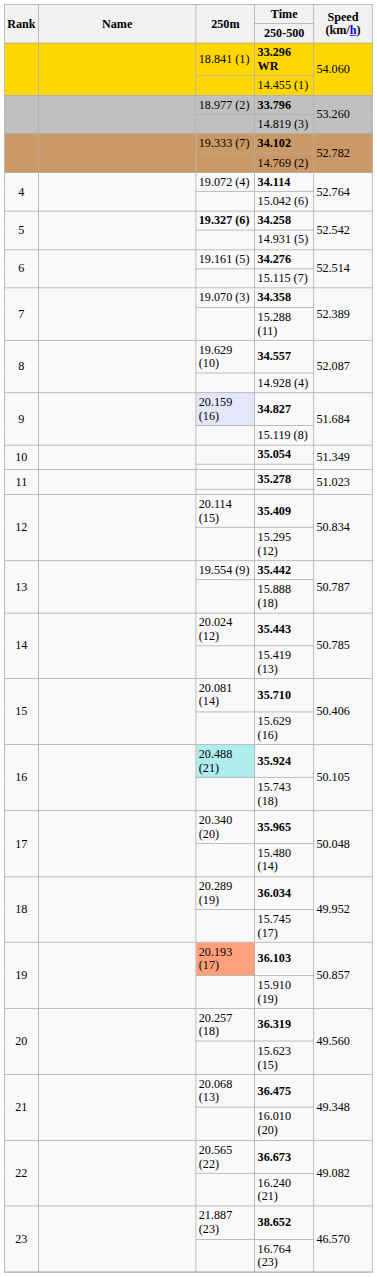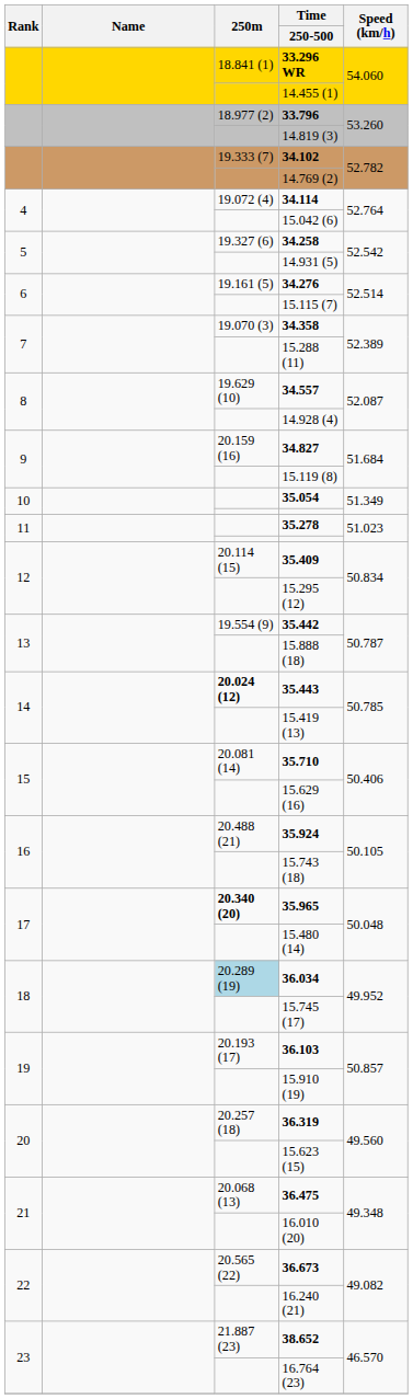 <table class="wikitable">
 <tr>
 <th rowspan=2 width=20>Rank</th>
 <th rowspan=2 width=200>Name</th>
 <th rowspan=2 width=70>250m</th>
 <th width=70>Time</th>
 <th rowspan=2 width=70>Speed<br>(km/<a href='#'>h</a>)</th>
 </tr>
 <tr>
 <th>250-500</th>
 </tr>
 <tr bgcolor=gold>
 <td align=center rowspan=2></td>
 <td rowspan=2></td>
 <td>18.841 (1)</td>
 <td><strong>33.296 WR</strong></td>
 <td rowspan=2>54.060</td>
 </tr>
 <tr bgcolor=gold>
 <td></td>
 <td>14.455 (1)</td>
 </tr>
 <tr bgcolor=silver>
 <td align=center rowspan=2></td>
 <td rowspan=2></td>
 <td>18.977 (2)</td>
 <td><strong>33.796</strong></td>
 <td rowspan=2>53.260</td>
 </tr>
 <tr bgcolor=silver>
 <td></td>
 <td>14.819 (3)</td>
 </tr>
 <tr bgcolor=cc9966>
 <td align=center rowspan=2></td>
 <td rowspan=2></td>
 <td>19.333 (7)</td>
 <td><strong>34.102</strong></td>
 <td rowspan=2>52.782</td>
 </tr>
 <tr bgcolor=cc9966>
 <td></td>
 <td>14.769 (2)</td>
 </tr>
 <tr>
 <td align=center rowspan=2>4</td>
 <td rowspan=2></td>
 <td>19.072 (4)</td>
 <td><strong>34.114</strong></td>
 <td rowspan=2>52.764</td>
 </tr>
 <tr>
 <td></td>
 <td>15.042 (6)</td>
 </tr>
 <tr>
 <td align=center rowspan=2>5</td>
 <td rowspan=2></td>
-<td><strong>19.327 (6)</strong></td>
+<td>19.327 (6)</td>
 <td><strong>34.258</strong></td>
 <td rowspan=2>52.542</td>
 </tr>
 <tr>
 <td></td>
 <td>14.931 (5)</td>
 </tr>
 <tr>
 <td align=center rowspan=2>6</td>
 <td rowspan=2></td>
 <td>19.161 (5)</td>
 <td><strong>34.276</strong></td>
 <td rowspan=2>52.514</td>
 </tr>
 <tr>
 <td></td>
 <td>15.115 (7)</td>
 </tr>
 <tr>
 <td align=center rowspan=2>7</td>
 <td rowspan=2></td>
 <td>19.070 (3)</td>
 <td><strong>34.358</strong></td>
 <td rowspan=2>52.389</td>
 </tr>
 <tr>
 <td></td>
 <td>15.288 (11)</td>
 </tr>
 <tr>
 <td align=center rowspan=2>8</td>
 <td rowspan=2></td>
 <td>19.629 (10)</td>
 <td><strong>34.557</strong></td>
 <td rowspan=2>52.087</td>
 </tr>
 <tr>
 <td></td>
 <td>14.928 (4)</td>
 </tr>
 <tr>
 <td align=center rowspan=2>9</td>
 <td rowspan=2></td>
-<td style="background: lavender;">20.159 (16)</td>
+<td>20.159 (16)</td>
 <td><strong>34.827</strong></td>
 <td rowspan=2>51.684</td>
 </tr>
 <tr>
 <td></td>
 <td>15.119 (8)</td>
 </tr>
 <tr>
 <td align=center rowspan=2>10</td>
 <td rowspan=2></td>
 <td></td>
 <td><strong>35.054</strong></td>
 <td rowspan=2>51.349</td>
 </tr>
 <tr>
 <td></td>
 <td></td>
 </tr>
 <tr>
 <td align=center rowspan=2>11</td>
 <td rowspan=2></td>
 <td></td>
 <td><strong>35.278</strong></td>
 <td rowspan=2>51.023</td>
 </tr>
 <tr>
 <td></td>
 <td></td>
 </tr>
 <tr>
 <td align=center rowspan=2>12</td>
 <td rowspan=2></td>
 <td>20.114 (15)</td>
 <td><strong>35.409</strong></td>
 <td rowspan=2>50.834</td>
 </tr>
 <tr>
 <td></td>
 <td>15.295 (12)</td>
 </tr>
 <tr>
 <td align=center rowspan=2>13</td>
 <td rowspan=2></td>
 <td>19.554 (9)</td>
 <td><strong>35.442</strong></td>
 <td rowspan=2>50.787</td>
 </tr>
 <tr>
 <td></td>
 <td>15.888 (18)</td>
 </tr>
 <tr>
 <td align=center rowspan=2>14</td>
 <td rowspan=2></td>
-<td>20.024 (12)</td>
+<td><strong>20.024 (12)</strong></td>
 <td><strong>35.443</strong></td>
 <td rowspan=2>50.785</td>
 </tr>
 <tr>
 <td></td>
 <td>15.419 (13)</td>
 </tr>
 <tr>
 <td align=center rowspan=2>15</td>
 <td rowspan=2></td>
 <td>20.081 (14)</td>
 <td><strong>35.710</strong></td>
 <td rowspan=2>50.406</td>
 </tr>
 <tr>
 <td></td>
 <td>15.629 (16)</td>
 </tr>
 <tr>
 <td align=center rowspan=2>16</td>
 <td rowspan=2></td>
-<td style="background: paleturquoise;">20.488 (21)</td>
+<td>20.488 (21)</td>
 <td><strong>35.924</strong></td>
 <td rowspan=2>50.105</td>
 </tr>
 <tr>
 <td></td>
 <td>15.743 (18)</td>
 </tr>
 <tr>
 <td align=center rowspan=2>17</td>
 <td rowspan=2></td>
-<td>20.340 (20)</td>
+<td><strong>20.340 (20)</strong></td>
 <td><strong>35.965</strong></td>
 <td rowspan=2>50.048</td>
 </tr>
 <tr>
 <td></td>
 <td>15.480 (14)</td>
 </tr>
 <tr>
 <td align=center rowspan=2>18</td>
 <td rowspan=2></td>
-<td>20.289 (19)</td>
+<td style="background: lightblue;">20.289 (19)</td>
 <td><strong>36.034</strong></td>
 <td rowspan=2>49.952</td>
 </tr>
 <tr>
 <td></td>
 <td>15.745 (17)</td>
 </tr>
 <tr>
 <td align=center rowspan=2>19</td>
 <td rowspan=2></td>
-<td style="background: lightsalmon;">20.193 (17)</td>
+<td>20.193 (17)</td>
 <td><strong>36.103</strong></td>
 <td rowspan=2>50.857</td>
 </tr>
 <tr>
 <td></td>
 <td>15.910 (19)</td>
 </tr>
 <tr>
 <td align=center rowspan=2>20</td>
 <td rowspan=2></td>
 <td>20.257 (18)</td>
 <td><strong>36.319</strong></td>
 <td rowspan=2>49.560</td>
 </tr>
 <tr>
 <td></td>
 <td>15.623 (15)</td>
 </tr>
 <tr>
 <td align=center rowspan=2>21</td>
 <td rowspan=2></td>
 <td>20.068 (13)</td>
 <td><strong>36.475</strong></td>
 <td rowspan=2>49.348</td>
 </tr>
 <tr>
 <td></td>
 <td>16.010 (20)</td>
 </tr>
 <tr>
 <td align=center rowspan=2>22</td>
 <td rowspan=2></td>
 <td>20.565 (22)</td>
 <td><strong>36.673</strong></td>
 <td rowspan=2>49.082</td>
 </tr>
 <tr>
 <td></td>
 <td>16.240 (21)</td>
 </tr>
 <tr>
 <td align=center rowspan=2>23</td>
 <td rowspan=2></td>
 <td>21.887 (23)</td>
 <td><strong>38.652</strong></td>
 <td rowspan=2>46.570</td>
 </tr>
 <tr>
 <td></td>
 <td>16.764 (23)</td>
 </tr>
 <tr>
 </tr>
 </table>
